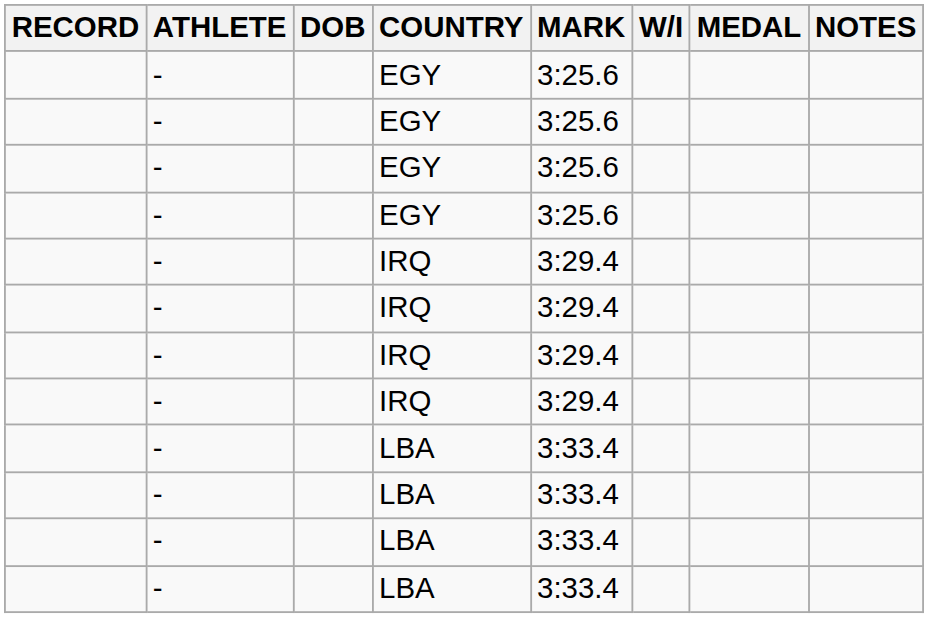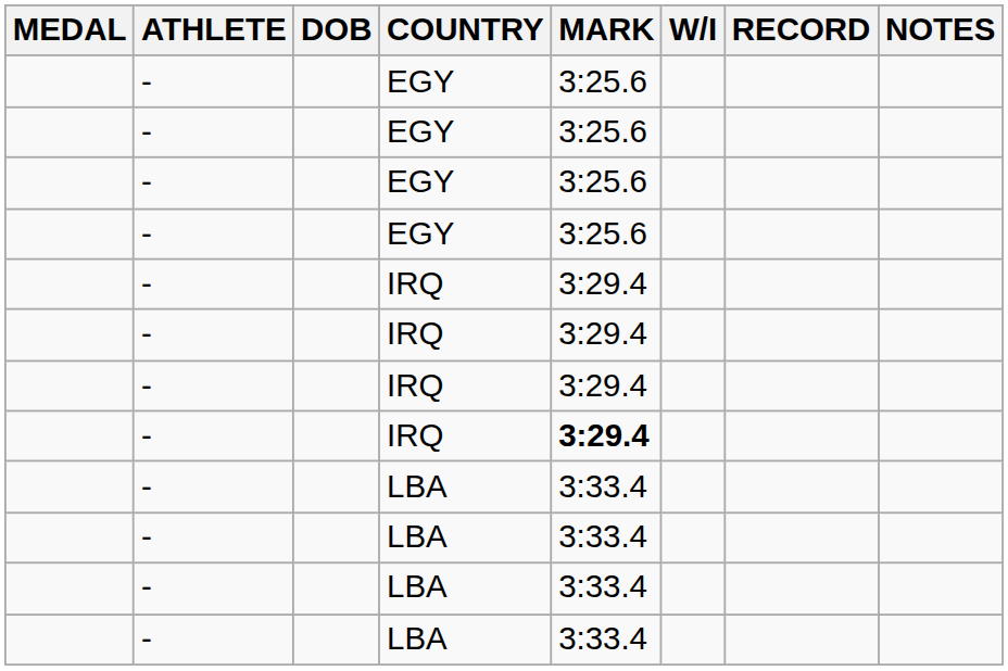 <table class="wikitable">
 <tr>
-<th>RECORD</th>
+<th>MEDAL</th>
 <th>ATHLETE</th>
 <th>DOB</th>
 <th>COUNTRY</th>
 <th>MARK</th>
 <th>W/I</th>
-<th>MEDAL</th>
+<th>RECORD</th>
 <th>NOTES</th>
 </tr>
 <tr>
 <td></td>
 <td>-</td>
 <td></td>
 <td>EGY</td>
 <td>3:25.6</td>
 <td></td>
 <td></td>
 <td></td>
 </tr>
 <tr>
 <td></td>
 <td>-</td>
 <td></td>
 <td>EGY</td>
 <td>3:25.6</td>
 <td></td>
 <td></td>
 <td></td>
 </tr>
 <tr>
 <td></td>
 <td>-</td>
 <td></td>
 <td>EGY</td>
 <td>3:25.6</td>
 <td></td>
 <td></td>
 <td></td>
 </tr>
 <tr>
 <td></td>
 <td>-</td>
 <td></td>
 <td>EGY</td>
 <td>3:25.6</td>
 <td></td>
 <td></td>
 <td></td>
 </tr>
 <tr>
 <td></td>
 <td>-</td>
 <td></td>
 <td>IRQ</td>
 <td>3:29.4</td>
 <td></td>
 <td></td>
 <td></td>
 </tr>
 <tr>
 <td></td>
 <td>-</td>
 <td></td>
 <td>IRQ</td>
 <td>3:29.4</td>
 <td></td>
 <td></td>
 <td></td>
 </tr>
 <tr>
 <td></td>
 <td>-</td>
 <td></td>
 <td>IRQ</td>
 <td>3:29.4</td>
 <td></td>
 <td></td>
 <td></td>
 </tr>
 <tr>
 <td></td>
 <td>-</td>
 <td></td>
 <td>IRQ</td>
-<td>3:29.4</td>
+<td><strong>3:29.4</strong></td>
 <td></td>
 <td></td>
 <td></td>
 </tr>
 <tr>
 <td></td>
 <td>-</td>
 <td></td>
 <td>LBA</td>
 <td>3:33.4</td>
 <td></td>
 <td></td>
 <td></td>
 </tr>
 <tr>
 <td></td>
 <td>-</td>
 <td></td>
 <td>LBA</td>
 <td>3:33.4</td>
 <td></td>
 <td></td>
 <td></td>
 </tr>
 <tr>
 <td></td>
 <td>-</td>
 <td></td>
 <td>LBA</td>
 <td>3:33.4</td>
 <td></td>
 <td></td>
 <td></td>
 </tr>
 <tr>
 <td></td>
 <td>-</td>
 <td></td>
 <td>LBA</td>
 <td>3:33.4</td>
 <td></td>
 <td></td>
 <td></td>
 </tr>
 </table>
